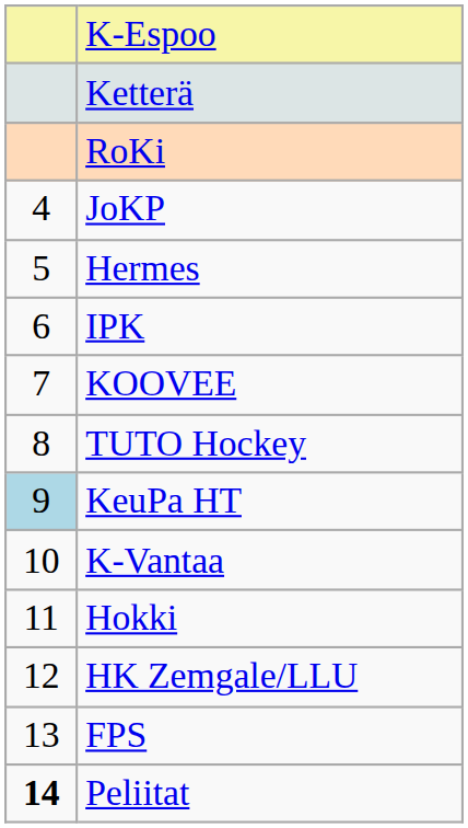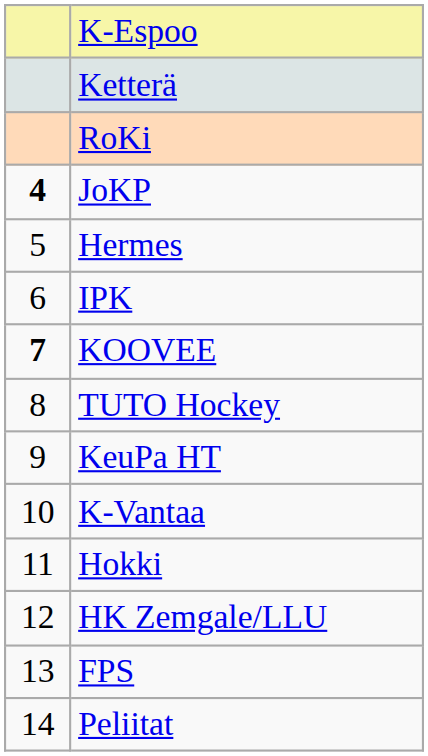 <table class="wikitable" style="width:200px;">
 <tr style="background:#F7F6A8;">
 <td align=center></td>
 <td><a href='#'>K-Espoo</a></td>
 </tr>
 <tr style="background:#DCE5E5;">
 <td align=center></td>
 <td><a href='#'>Ketterä</a></td>
 </tr>
 <tr style="background:#FFDAB9;">
 <td align=center></td>
 <td><a href='#'>RoKi</a></td>
 </tr>
 <tr>
-<td align=center>4</td>
+<td align=center><strong>4</strong></td>
 <td><a href='#'>JoKP</a></td>
 </tr>
 <tr>
 <td align=center>5</td>
 <td><a href='#'>Hermes</a></td>
 </tr>
 <tr>
 <td align=center>6</td>
 <td><a href='#'>IPK</a></td>
 </tr>
 <tr>
-<td align=center>7</td>
+<td align=center><strong>7</strong></td>
 <td><a href='#'>KOOVEE</a></td>
 </tr>
 <tr>
 <td align=center>8</td>
 <td><a href='#'>TUTO Hockey</a></td>
 </tr>
 <tr>
-<td align=center style="background: lightblue;">9</td>
+<td align=center>9</td>
 <td><a href='#'>KeuPa HT</a></td>
 </tr>
 <tr>
 <td align=center>10</td>
 <td><a href='#'>K-Vantaa</a></td>
 </tr>
 <tr>
 <td align=center>11</td>
 <td><a href='#'>Hokki</a></td>
 </tr>
 <tr>
 <td align=center>12</td>
 <td><a href='#'>HK Zemgale/LLU</a></td>
 </tr>
 <tr>
 <td align=center>13</td>
 <td><a href='#'>FPS</a></td>
 </tr>
 <tr>
-<td align=center><strong>14</strong></td>
+<td align=center>14</td>
 <td><a href='#'>Peliitat</a></td>
 </tr>
 </table>
